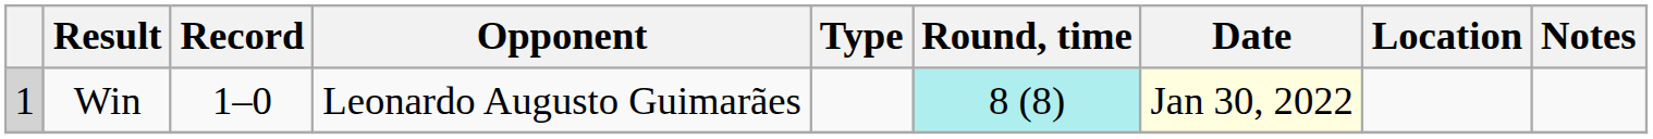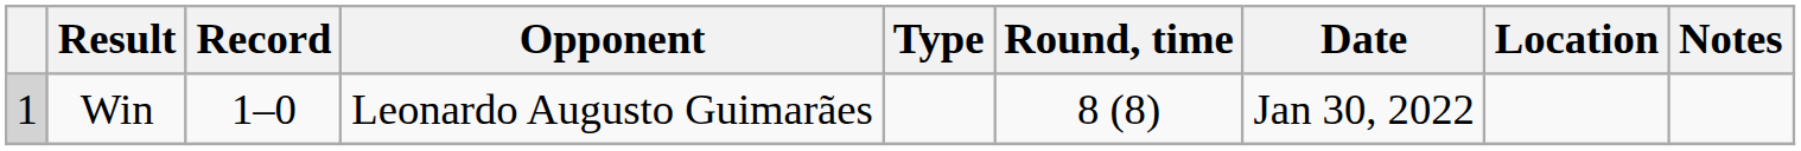 <table class="wikitable" style="text-align:center">
 <tr>
 <th></th>
 <th>Result</th>
 <th>Record</th>
 <th>Opponent</th>
 <th>Type</th>
 <th>Round, time</th>
 <th>Date</th>
 <th>Location</th>
 <th>Notes</th>
 </tr>
 <tr>
 <td style="background: lightgrey;">1</td>
 <td>Win</td>
 <td>1–0</td>
 <td align=left> Leonardo Augusto Guimarães</td>
 <td></td>
-<td style="background: paleturquoise;">8 (8) </td>
-<td style="background: lightyellow;">Jan 30, 2022</td>
+<td>8 (8) </td>
+<td>Jan 30, 2022</td>
 <td align=left></td>
 <td></td>
 </tr>
 <tr>
 </tr>
 </table>
